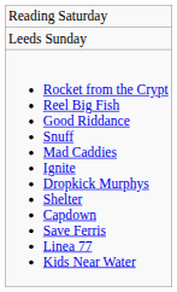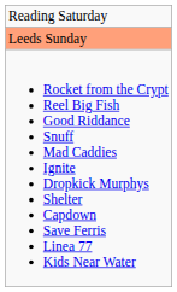 <table class="wikitable">
 <tr>
 <td>Reading Saturday</td>
 </tr>
 <tr>
-<td>Leeds Sunday</td>
+<td style="background: lightsalmon;">Leeds Sunday</td>
 </tr>
 <tr>
 <td><br><ul><li><a href='#'>Rocket from the Crypt</a></li><li><a href='#'>Reel Big Fish</a></li><li><a href='#'>Good Riddance</a></li><li><a href='#'>Snuff</a></li><li><a href='#'>Mad Caddies</a></li><li><a href='#'>Ignite</a></li><li><a href='#'>Dropkick Murphys</a></li><li><a href='#'>Shelter</a></li><li><a href='#'>Capdown</a></li><li><a href='#'>Save Ferris</a></li><li><a href='#'>Linea 77</a></li><li><a href='#'>Kids Near Water</a></li></ul></td>
 </tr>
 </table>
